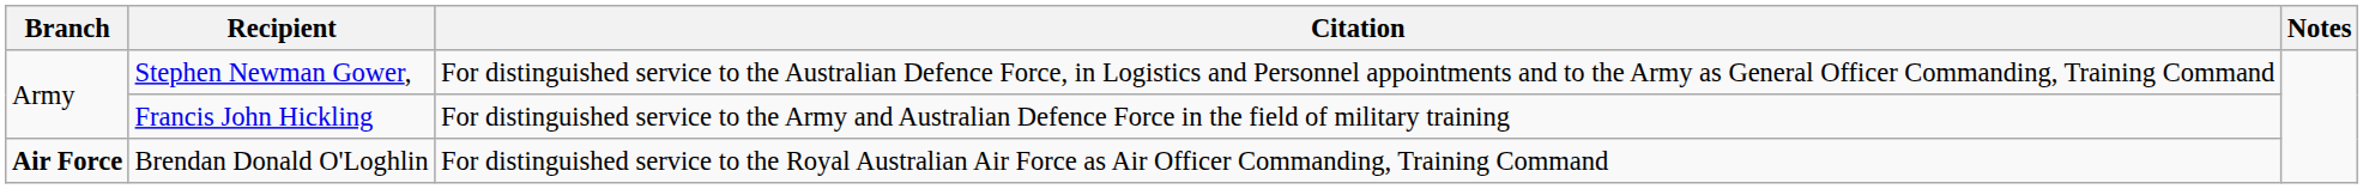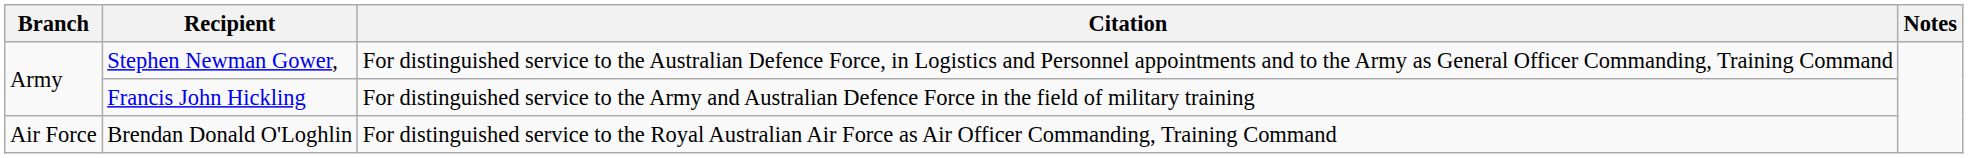 <table class="wikitable" style="font-size:95%;">
 <tr>
 <th>Branch</th>
 <th>Recipient</th>
 <th>Citation</th>
 <th>Notes</th>
 </tr>
 <tr>
 <td rowspan=2>Army</td>
 <td> <a href='#'>Stephen Newman Gower</a>, </td>
 <td>For distinguished service to the Australian Defence Force, in Logistics and Personnel appointments and to the Army as General Officer Commanding, Training Command</td>
 <td rowspan=3></td>
 </tr>
 <tr>
 <td> <a href='#'>Francis John Hickling</a></td>
 <td>For distinguished service to the Army and Australian Defence Force in the field of military training</td>
 </tr>
 <tr>
-<td rowspan=1><strong>Air Force</strong></td>
+<td rowspan=1>Air Force</td>
 <td> Brendan Donald O'Loghlin</td>
 <td>For distinguished service to the Royal Australian Air Force as Air Officer Commanding, Training Command</td>
 </tr>
 </table>
